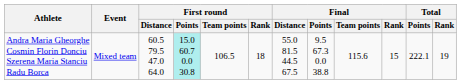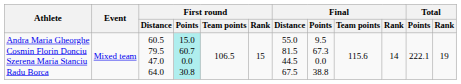 <table class="wikitable" style="font-size:90%">
 <tr>
 <th rowspan=2>Athlete</th>
 <th rowspan=2>Event</th>
 <th colspan="4">First round</th>
 <th colspan="4">Final</th>
 <th colspan=2>Total</th>
 </tr>
 <tr style="font-size:95%">
 <th>Distance</th>
 <th>Points</th>
 <th>Team points</th>
 <th>Rank</th>
 <th>Distance</th>
 <th>Points</th>
 <th>Team points</th>
 <th>Rank</th>
 <th>Points</th>
 <th>Rank</th>
 </tr>
 <tr align=center>
 <td align=left><a href='#'>Andra Maria Gheorghe</a><br><a href='#'>Cosmin Florin Donciu</a><br><a href='#'>Szerena Maria Stanciu</a><br><a href='#'>Radu Borca</a></td>
 <td align=left><a href='#'>Mixed team</a></td>
 <td>60.5<br>79.5<br>47.0<br>64.0</td>
 <td style="background: paleturquoise;">15.0<br>60.7<br>0.0<br>30.8</td>
 <td>106.5</td>
-<td>18</td>
+<td>15</td>
 <td>55.0<br>81.5<br>44.5<br>67.5</td>
 <td>9.5 <br>67.3<br>0.0<br>38.8</td>
 <td>115.6</td>
-<td>15</td>
+<td>14</td>
 <td>222.1</td>
 <td>19</td>
 </tr>
 </table>
